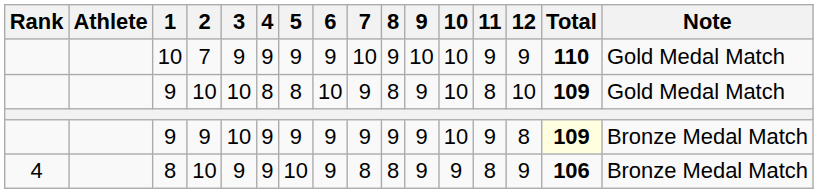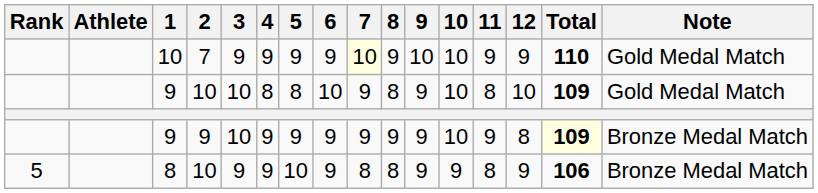 <table class=wikitable style="text-align:center;">
 <tr>
 <th>Rank</th>
 <th>Athlete</th>
 <th>1</th>
 <th>2</th>
 <th>3</th>
 <th>4</th>
 <th>5</th>
 <th>6</th>
 <th>7</th>
 <th>8</th>
 <th>9</th>
 <th>10</th>
 <th>11</th>
 <th>12</th>
 <th>Total</th>
 <th>Note</th>
 </tr>
 <tr>
 <td></td>
 <td align=left></td>
 <td>10</td>
 <td>7</td>
 <td>9</td>
 <td>9</td>
 <td>9</td>
 <td>9</td>
-<td>10</td>
+<td style="background: lightyellow;">10</td>
 <td>9</td>
 <td>10</td>
 <td>10</td>
 <td>9</td>
 <td>9</td>
 <td><strong>110</strong></td>
 <td align=left>Gold Medal Match</td>
 </tr>
 <tr>
 <td></td>
 <td align=left></td>
 <td>9</td>
 <td>10</td>
 <td>10</td>
 <td>8</td>
 <td>8</td>
 <td>10</td>
 <td>9</td>
 <td>8</td>
 <td>9</td>
 <td>10</td>
 <td>8</td>
 <td>10</td>
 <td><strong>109</strong></td>
 <td align=left>Gold Medal Match</td>
 </tr>
 <tr>
 <th colspan=16></th>
 </tr>
 <tr>
 <td></td>
 <td align=left></td>
 <td>9</td>
 <td>9</td>
 <td>10</td>
 <td>9</td>
 <td>9</td>
 <td>9</td>
 <td>9</td>
 <td>9</td>
 <td>9</td>
 <td>10</td>
 <td>9</td>
 <td>8</td>
 <td style="background: lightyellow;"><strong>109</strong></td>
 <td align=left>Bronze Medal Match</td>
 </tr>
 <tr>
-<td>4</td>
+<td>5</td>
 <td align=left></td>
 <td>8</td>
 <td>10</td>
 <td>9</td>
 <td>9</td>
 <td>10</td>
 <td>9</td>
 <td>8</td>
 <td>8</td>
 <td>9</td>
 <td>9</td>
 <td>8</td>
 <td>9</td>
 <td><strong>106</strong></td>
 <td align=left>Bronze Medal Match</td>
 </tr>
 </table>
